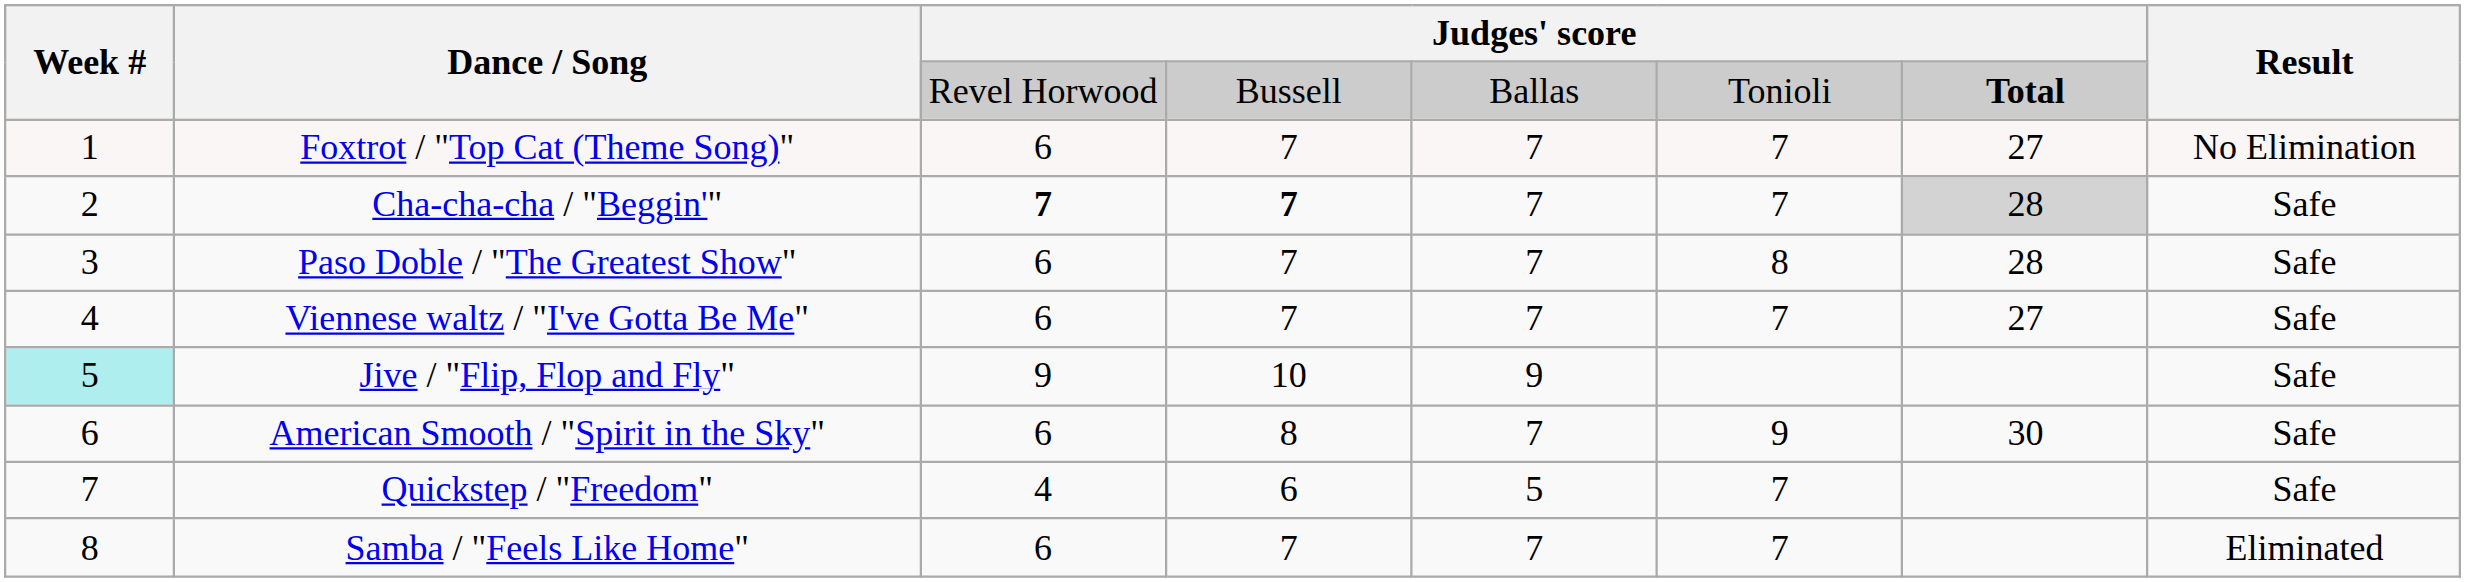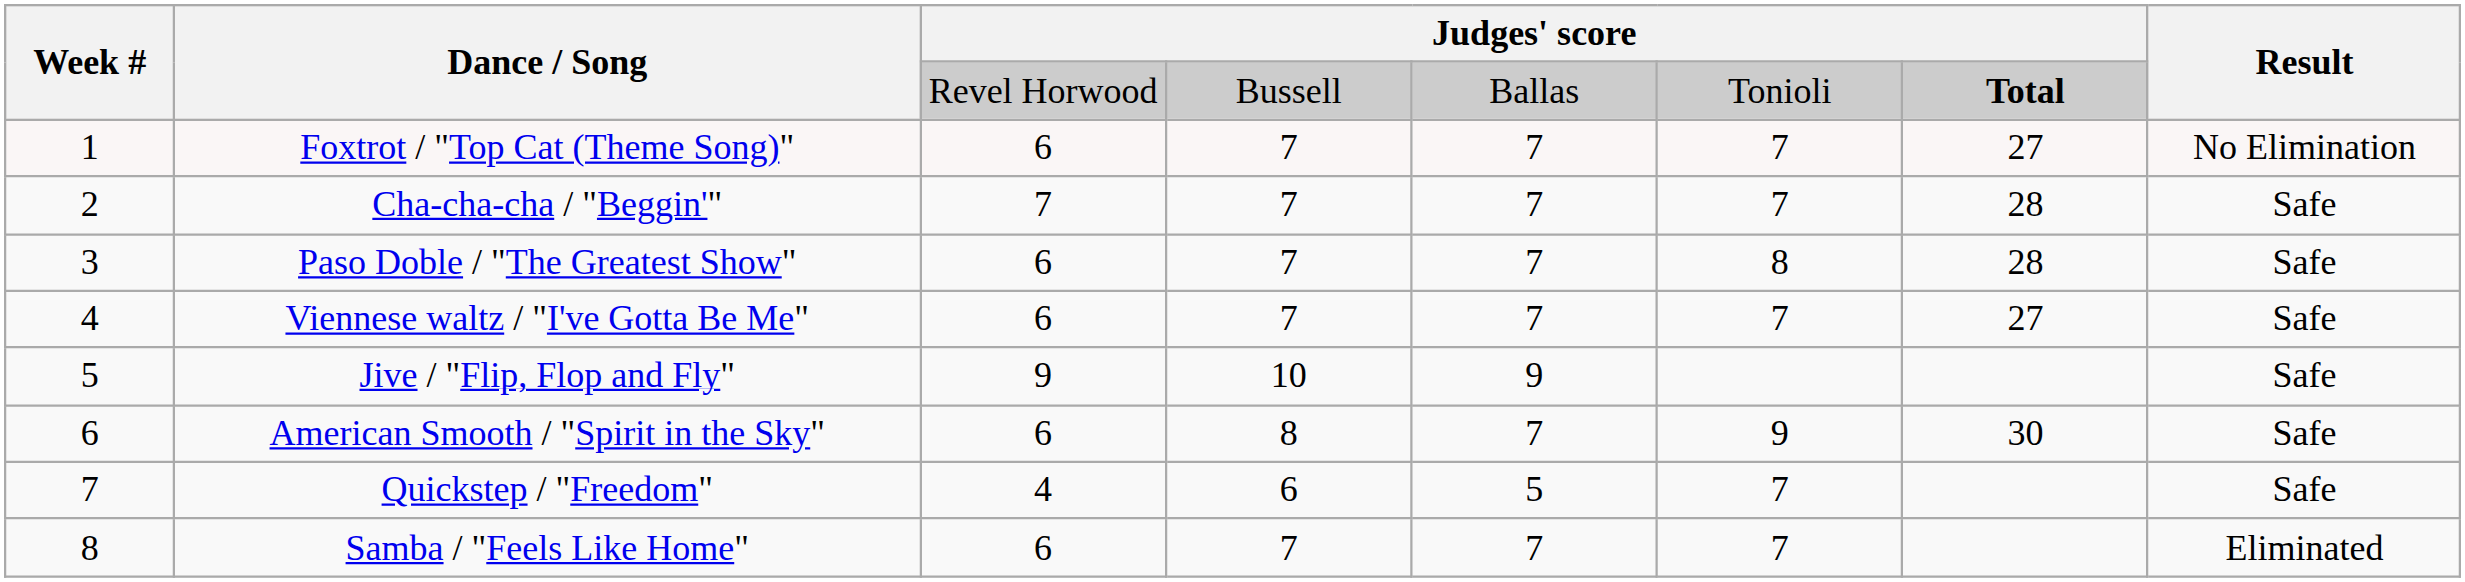 <table class="wikitable collapsible collapsed">
 <tr style="text-align:Center; background:#ccc;">
 <th rowspan="2">Week #</th>
 <th rowspan="2">Dance / Song</th>
 <th colspan="5">Judges' score</th>
 <th rowspan="2">Result</th>
 </tr>
 <tr style="text-align:center; background:#ccc;">
 <td style="width:10%; ">Revel Horwood</td>
 <td style="width:10%; ">Bussell</td>
 <td style="width:10%; ">Ballas</td>
 <td style="width:10%; ">Tonioli</td>
 <td style="width:10%; "><strong>Total</strong></td>
 </tr>
 <tr style="text-align: center; background:#faf6f6;">
 <td>1</td>
 <td><a href='#'>Foxtrot</a> / "<a href='#'>Top Cat (Theme Song)</a>"</td>
 <td>6</td>
 <td>7</td>
 <td>7</td>
 <td>7</td>
 <td>27</td>
 <td>No Elimination</td>
 </tr>
 <tr style="text-align:center;">
 <td>2</td>
 <td><a href='#'>Cha-cha-cha</a> / "<a href='#'>Beggin'</a>"</td>
-<td><strong>7</strong></td>
-<td><strong>7</strong></td>
 <td>7</td>
 <td>7</td>
-<td style="background: lightgrey;">28</td>
+<td>7</td>
+<td>7</td>
+<td>28</td>
 <td>Safe</td>
 </tr>
 <tr style="text-align:center;">
 <td>3</td>
 <td><a href='#'>Paso Doble</a> / "<a href='#'>The Greatest Show</a>"</td>
 <td>6</td>
 <td>7</td>
 <td>7</td>
 <td>8</td>
 <td>28</td>
 <td>Safe</td>
 </tr>
 <tr style="text-align:center;">
 <td>4</td>
 <td><a href='#'>Viennese waltz</a> / "<a href='#'>I've Gotta Be Me</a>"</td>
 <td>6</td>
 <td>7</td>
 <td>7</td>
 <td>7</td>
 <td>27</td>
 <td>Safe</td>
 </tr>
 <tr style="text-align:center;">
-<td style="background: paleturquoise;">5</td>
+<td>5</td>
 <td><a href='#'>Jive</a> / "<a href='#'>Flip, Flop and Fly</a>"</td>
 <td>9</td>
 <td>10</td>
 <td>9</td>
 <td></td>
 <td></td>
 <td>Safe</td>
 </tr>
 <tr style="text-align:center;">
 <td>6</td>
 <td><a href='#'>American Smooth</a> / "<a href='#'>Spirit in the Sky</a>"</td>
 <td>6</td>
 <td>8</td>
 <td>7</td>
 <td>9</td>
 <td>30</td>
 <td>Safe</td>
 </tr>
 <tr style="text-align:center;">
 <td>7</td>
 <td><a href='#'>Quickstep</a> / "<a href='#'>Freedom</a>"</td>
 <td>4</td>
 <td>6</td>
 <td>5</td>
 <td>7</td>
 <td></td>
 <td>Safe</td>
 </tr>
 <tr style="text-align:center;">
 <td>8</td>
 <td><a href='#'>Samba</a> / "<a href='#'>Feels Like Home</a>"</td>
 <td>6</td>
 <td>7</td>
 <td>7</td>
 <td>7</td>
 <td></td>
 <td>Eliminated</td>
 </tr>
 </table>
